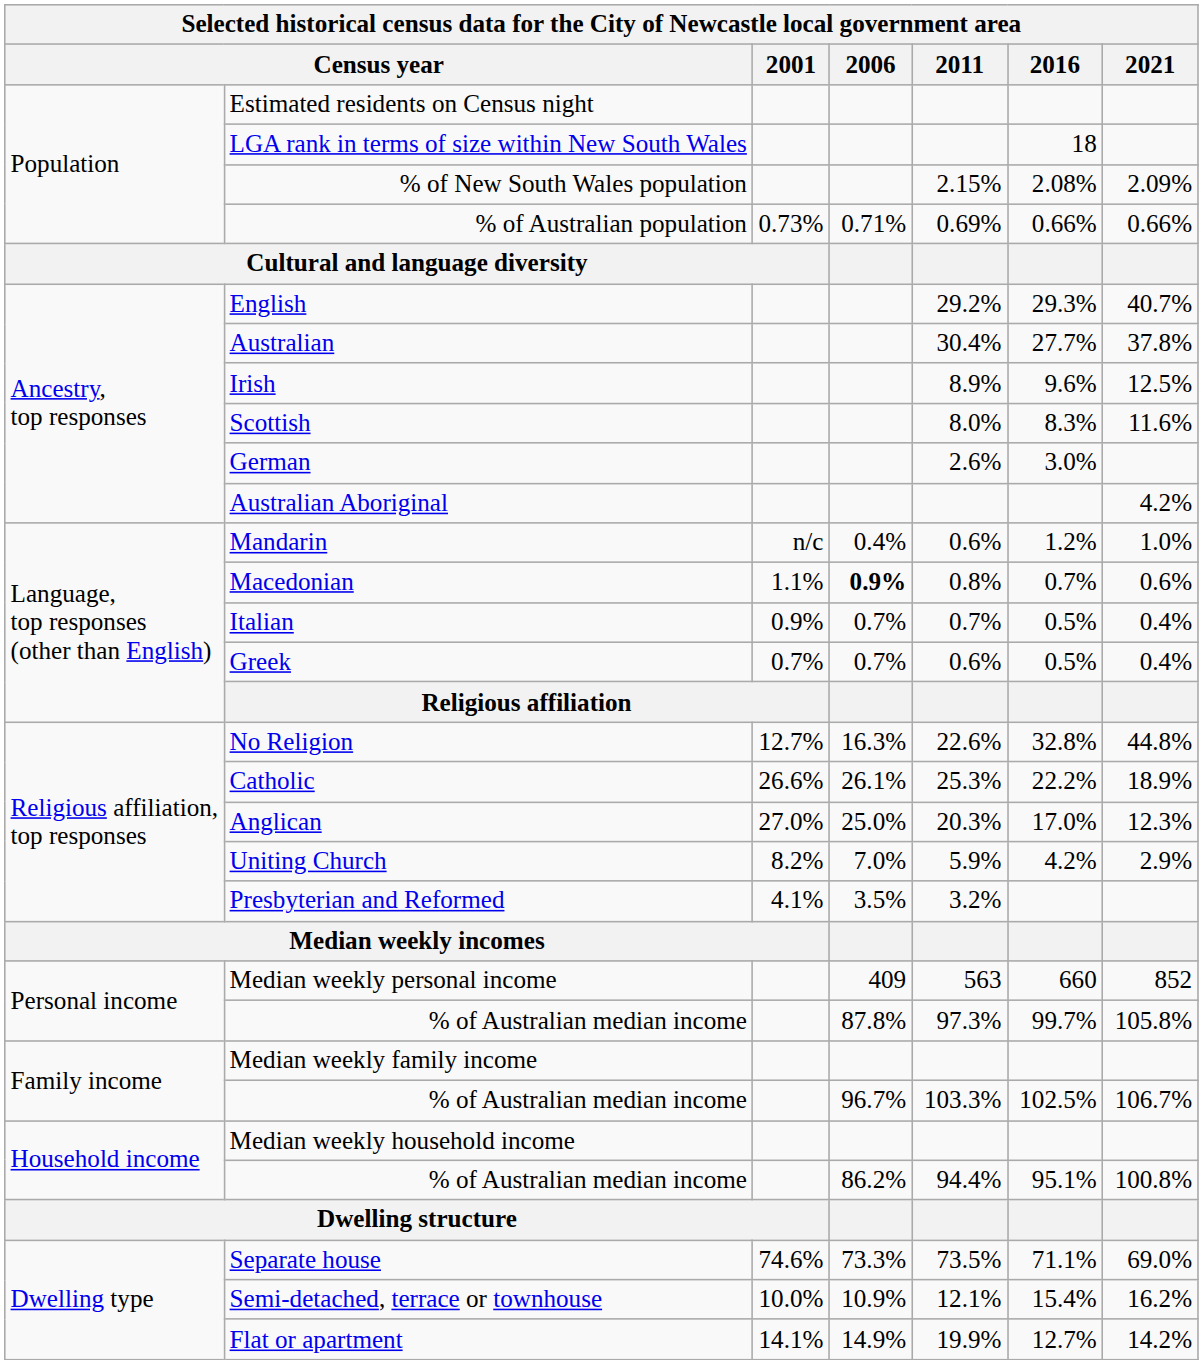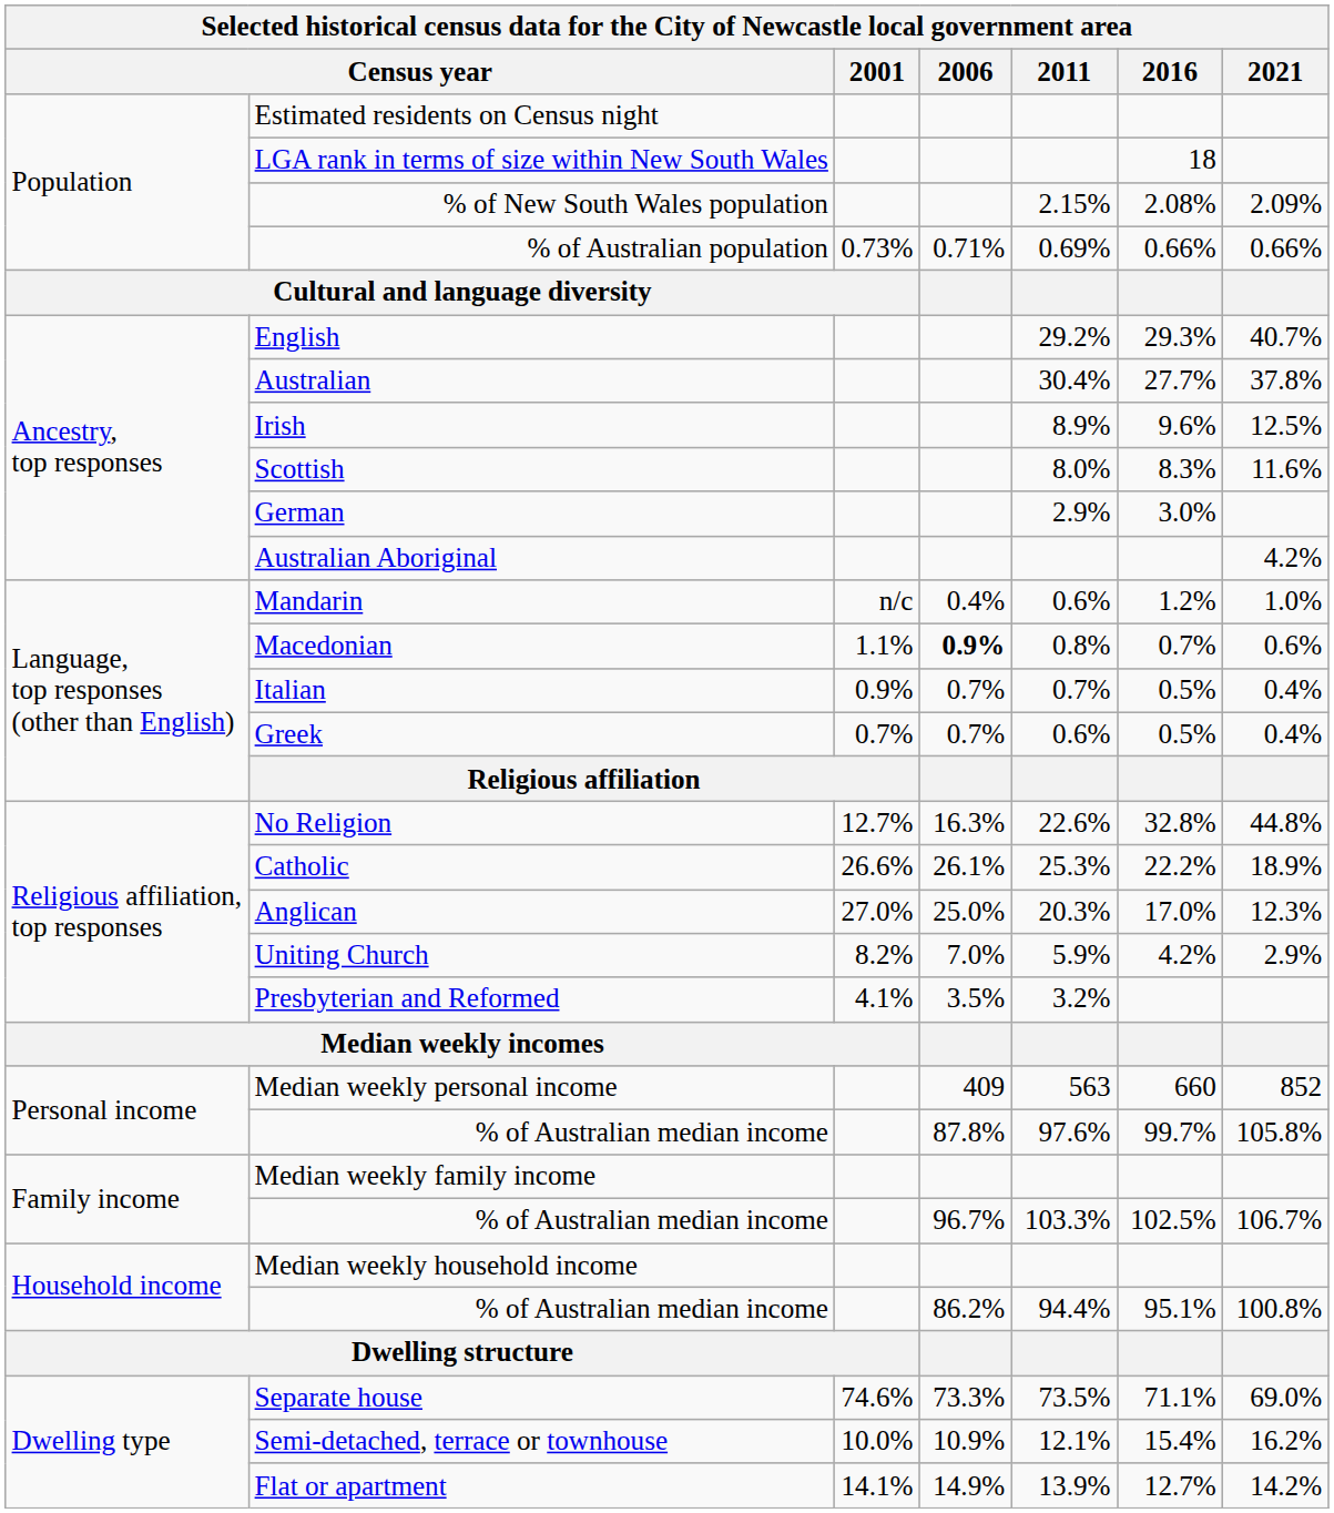 <table class="wikitable">
 <tr>
 <th colspan=8>Selected historical census data for the City of Newcastle local government area</th>
 </tr>
 <tr>
 <th colspan=3>Census year</th>
 <th>2001</th>
 <th>2006</th>
 <th>2011</th>
 <th>2016</th>
 <th>2021</th>
 </tr>
 <tr>
 <td rowspan=4 colspan="2">Population</td>
 <td>Estimated residents on Census night</td>
 <td align="right"></td>
 <td align="right"> </td>
 <td align="right"> </td>
 <td align="right"> </td>
 <td align="right"> </td>
 </tr>
 <tr>
 <td align="right"><a href='#'>LGA rank in terms of size within New South Wales</a></td>
 <td align="right"></td>
 <td align="right"></td>
 <td align="right"></td>
 <td align="right">18</td>
 <td align="right"></td>
 </tr>
 <tr>
 <td align="right">% of New South Wales population</td>
 <td align="right"></td>
 <td align="right"></td>
 <td align="right">2.15%</td>
 <td align="right"> 2.08%</td>
 <td align="right"> 2.09%</td>
 </tr>
 <tr>
 <td align="right">% of Australian population</td>
 <td align="right">0.73%</td>
 <td align="right"> 0.71%</td>
 <td align="right"> 0.69%</td>
 <td align="right"> 0.66%</td>
 <td align="right"> 0.66%</td>
 </tr>
 <tr>
 <th colspan=4>Cultural and language diversity</th>
 <th></th>
 <th></th>
 <th></th>
 <th></th>
 </tr>
 <tr>
 <td rowspan=6 colspan=2><a href='#'>Ancestry</a>,<br>top responses</td>
 <td><a href='#'>English</a></td>
 <td align="right"></td>
 <td align="right"></td>
 <td align="right">29.2%</td>
 <td align="right"> 29.3%</td>
 <td align="right"> 40.7%</td>
 </tr>
 <tr>
 <td><a href='#'>Australian</a></td>
 <td align="right"></td>
 <td align="right"></td>
 <td align="right">30.4%</td>
 <td align="right"> 27.7%</td>
 <td align="right"> 37.8%</td>
 </tr>
 <tr>
 <td><a href='#'>Irish</a></td>
 <td align="right"></td>
 <td align="right"></td>
 <td align="right">8.9%</td>
 <td align="right"> 9.6%</td>
 <td align="right"> 12.5%</td>
 </tr>
 <tr>
 <td><a href='#'>Scottish</a></td>
 <td align="right"></td>
 <td align="right"></td>
 <td align="right">8.0%</td>
 <td align="right"> 8.3%</td>
 <td align="right"> 11.6%</td>
 </tr>
 <tr>
 <td><a href='#'>German</a></td>
 <td align="right"></td>
 <td align="right"></td>
-<td align="right">2.6%</td>
+<td align="right">2.9%</td>
 <td align="right"> 3.0%</td>
 <td align="right"></td>
 </tr>
 <tr>
 <td><a href='#'>Australian Aboriginal</a></td>
 <td align="right"></td>
 <td align="right"></td>
 <td align="right"></td>
 <td align="right"></td>
 <td align="right">4.2%</td>
 </tr>
 <tr>
 <td rowspan=5 colspan=2>Language,<br>top responses<br>(other than <a href='#'>English</a>)</td>
 <td><a href='#'>Mandarin</a></td>
 <td align="right">n/c</td>
 <td align="right"> 0.4%</td>
 <td align="right"> 0.6%</td>
 <td align="right"> 1.2%</td>
 <td align="right"> 1.0%</td>
 </tr>
 <tr>
 <td><a href='#'>Macedonian</a></td>
 <td align="right">1.1%</td>
 <td align="right"><strong> 0.9%</strong></td>
 <td align="right"> 0.8%</td>
 <td align="right"> 0.7%</td>
 <td align="right"> 0.6%</td>
 </tr>
 <tr>
 <td><a href='#'>Italian</a></td>
 <td align="right">0.9%</td>
 <td align="right"> 0.7%</td>
 <td align="right"> 0.7%</td>
 <td align="right"> 0.5%</td>
 <td align="right"> 0.4%</td>
 </tr>
 <tr>
 <td><a href='#'>Greek</a></td>
 <td align="right">0.7%</td>
 <td align="right"> 0.7%</td>
 <td align="right"> 0.6%</td>
 <td align="right"> 0.5%</td>
 <td align="right"> 0.4%</td>
 </tr>
 <tr>
 <th colspan=2>Religious affiliation</th>
 <th></th>
 <th></th>
 <th></th>
 <th></th>
 </tr>
 <tr>
 <td rowspan=5 colspan=2><a href='#'>Religious</a> affiliation,<br>top responses</td>
 <td><a href='#'>No Religion</a></td>
 <td align="right">12.7%</td>
 <td align="right"> 16.3%</td>
 <td align="right"> 22.6%</td>
 <td align="right"> 32.8%</td>
 <td align="right"> 44.8%</td>
 </tr>
 <tr>
 <td><a href='#'>Catholic</a></td>
 <td align="right">26.6%</td>
 <td align="right"> 26.1%</td>
 <td align="right"> 25.3%</td>
 <td align="right"> 22.2%</td>
 <td align="right"> 18.9%</td>
 </tr>
 <tr>
 <td><a href='#'>Anglican</a></td>
 <td align="right">27.0%</td>
 <td align="right"> 25.0%</td>
 <td align="right"> 20.3%</td>
 <td align="right"> 17.0%</td>
 <td align="right"> 12.3%</td>
 </tr>
 <tr>
 <td><a href='#'>Uniting Church</a></td>
 <td align="right">8.2%</td>
 <td align="right"> 7.0%</td>
 <td align="right"> 5.9%</td>
 <td align="right"> 4.2%</td>
 <td align="right"> 2.9%</td>
 </tr>
 <tr>
 <td><a href='#'>Presbyterian and Reformed</a></td>
 <td align="right">4.1%</td>
 <td align="right"> 3.5%</td>
 <td align="right"> 3.2%</td>
 <td align="right"></td>
 <td align="right"></td>
 </tr>
 <tr>
 <th colspan=4>Median weekly incomes</th>
 <th></th>
 <th></th>
 <th></th>
 <th></th>
 </tr>
 <tr>
 <td rowspan=2 colspan=2>Personal income</td>
 <td>Median weekly personal income</td>
 <td align="right"></td>
 <td align="right">409</td>
 <td align="right"> 563</td>
 <td align="right"> 660</td>
 <td align="right"> 852</td>
 </tr>
 <tr>
 <td align="right">% of Australian median income</td>
 <td align="right"></td>
 <td align="right">87.8%</td>
-<td align="right"> 97.3%</td>
+<td align="right"> 97.6%</td>
 <td align="right"> 99.7%</td>
 <td align="right"> 105.8%</td>
 </tr>
 <tr>
 <td rowspan=2 colspan=2>Family income</td>
 <td>Median weekly family income</td>
 <td align="right"></td>
 <td align="right"></td>
 <td align="right"> </td>
 <td align="right"> </td>
 <td align="right"> </td>
 </tr>
 <tr>
 <td align="right">% of Australian median income</td>
 <td align="right"></td>
 <td align="right">96.7%</td>
 <td align="right"> 103.3%</td>
 <td align="right"> 102.5%</td>
 <td align="right"> 106.7%</td>
 </tr>
 <tr>
 <td rowspan=2 colspan=2><a href='#'>Household income</a></td>
 <td>Median weekly household income</td>
 <td align="right"></td>
 <td align="right"></td>
 <td align="right"> </td>
 <td align="right"> </td>
 <td align="right"> </td>
 </tr>
 <tr>
 <td align="right">% of Australian median income</td>
 <td align="right"></td>
 <td align="right">86.2%</td>
 <td align="right"> 94.4%</td>
 <td align="right"> 95.1%</td>
 <td align="right"> 100.8%</td>
 </tr>
 <tr>
 <th colspan=4>Dwelling structure</th>
 <th></th>
 <th></th>
 <th></th>
 <th></th>
 </tr>
 <tr>
 <td rowspan=4 colspan=2><a href='#'>Dwelling</a> type</td>
 <td><a href='#'>Separate house</a></td>
 <td align="right">74.6%</td>
 <td align="right"> 73.3%</td>
 <td align="right"> 73.5%</td>
 <td align="right"> 71.1%</td>
 <td align="right"> 69.0%</td>
 </tr>
 <tr>
 <td><a href='#'>Semi-detached</a>, <a href='#'>terrace</a> or <a href='#'>townhouse</a></td>
 <td align="right">10.0%</td>
 <td align="right"> 10.9%</td>
 <td align="right"> 12.1%</td>
 <td align="right"> 15.4%</td>
 <td align="right"> 16.2%</td>
 </tr>
 <tr>
 <td><a href='#'>Flat or apartment</a></td>
 <td align="right">14.1%</td>
 <td align="right"> 14.9%</td>
-<td align="right"> 19.9%</td>
+<td align="right"> 13.9%</td>
 <td align="right"> 12.7%</td>
 <td align="right"> 14.2%</td>
 </tr>
 </table>
